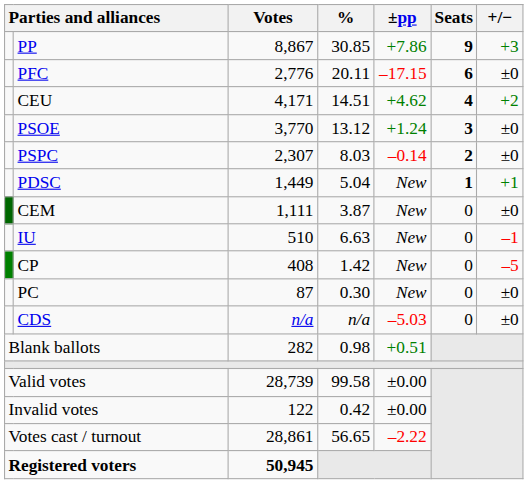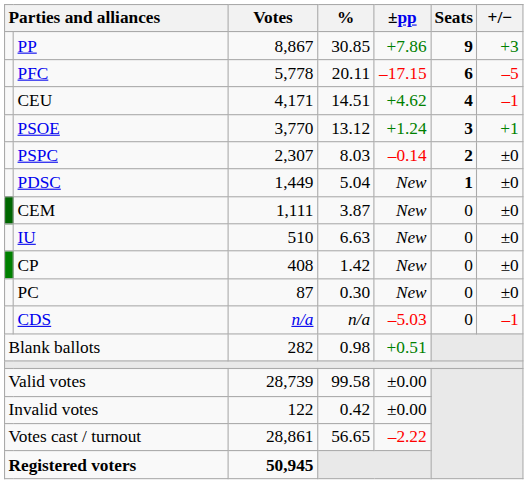 <table class="wikitable" style="text-align:right;">
 <tr>
 <th style="text-align:left;" colspan="2" width="200">Parties and alliances</th>
 <th width="75">Votes</th>
 <th width="45">%</th>
 <th width="45">±<a href='#'>pp</a></th>
 <th width="35">Seats</th>
 <th width="35">+/−</th>
 </tr>
 <tr>
 <td width="1" style="color:inherit;background:"></td>
 <td align="left"><a href='#'>PP</a></td>
 <td>8,867</td>
 <td>30.85</td>
 <td style="color:green;">+7.86</td>
 <td><strong>9</strong></td>
 <td style="color:green;">+3</td>
 </tr>
 <tr>
 <td style="color:inherit;background:"></td>
 <td align="left"><a href='#'>PFC</a></td>
-<td>2,776</td>
+<td>5,778</td>
 <td>20.11</td>
 <td style="color:red;">–17.15</td>
 <td><strong>6</strong></td>
-<td>±0</td>
+<td style="color:red;">–5</td>
 </tr>
 <tr>
 <td style="color:inherit;background:"></td>
 <td align="left">CEU</td>
 <td>4,171</td>
 <td>14.51</td>
 <td style="color:green;">+4.62</td>
 <td><strong>4</strong></td>
-<td style="color:green;">+2</td>
+<td style="color:red;">–1</td>
 </tr>
 <tr>
 <td style="color:inherit;background:"></td>
 <td align="left"><a href='#'>PSOE</a></td>
 <td>3,770</td>
 <td>13.12</td>
 <td style="color:green;">+1.24</td>
 <td><strong>3</strong></td>
-<td>±0</td>
+<td style="color:green;">+1</td>
 </tr>
 <tr>
 <td style="color:inherit;background:"></td>
 <td align="left"><a href='#'>PSPC</a></td>
 <td>2,307</td>
 <td>8.03</td>
 <td style="color:red;">–0.14</td>
 <td><strong>2</strong></td>
 <td>±0</td>
 </tr>
 <tr>
 <td style="color:inherit;background:"></td>
 <td align="left"><a href='#'>PDSC</a></td>
 <td>1,449</td>
 <td>5.04</td>
 <td><em>New</em></td>
 <td><strong>1</strong></td>
-<td style="color:green;">+1</td>
+<td>±0</td>
 </tr>
 <tr>
 <td style="color:inherit;background:#006600"></td>
 <td align="left">CEM</td>
 <td>1,111</td>
 <td>3.87</td>
 <td><em>New</em></td>
 <td>0</td>
 <td>±0</td>
 </tr>
 <tr>
 <td style="color:inherit;background:"></td>
 <td align="left"><a href='#'>IU</a></td>
 <td>510</td>
 <td>6.63</td>
 <td><em>New</em></td>
 <td>0</td>
-<td style="color:red;">–1</td>
+<td>±0</td>
 </tr>
 <tr>
 <td bgcolor="green"></td>
 <td align="left">CP</td>
 <td>408</td>
 <td>1.42</td>
 <td><em>New</em></td>
 <td>0</td>
-<td style="color:red;">–5</td>
+<td>±0</td>
 </tr>
 <tr>
 <td style="color:inherit;background:"></td>
 <td align="left">PC</td>
 <td>87</td>
 <td>0.30</td>
 <td><em>New</em></td>
 <td>0</td>
 <td>±0</td>
 </tr>
 <tr>
 <td style="color:inherit;background:"></td>
 <td align="left"><a href='#'>CDS</a></td>
 <td><em><a href='#'>n/a</a></em></td>
 <td><em>n/a</em></td>
 <td style="color:red;">–5.03</td>
 <td>0</td>
-<td>±0</td>
+<td style="color:red;">–1</td>
 </tr>
 <tr>
 <td align="left" colspan="2">Blank ballots</td>
 <td>282</td>
 <td>0.98</td>
 <td style="color:green;">+0.51</td>
 <td bgcolor="#E9E9E9" colspan="2"></td>
 </tr>
 <tr>
 <td colspan="7" bgcolor="#E9E9E9"></td>
 </tr>
 <tr>
 <td align="left" colspan="2">Valid votes</td>
 <td>28,739</td>
 <td>99.58</td>
 <td>±0.00</td>
 <td bgcolor="#E9E9E9" colspan="2" rowspan="4"></td>
 </tr>
 <tr>
 <td align="left" colspan="2">Invalid votes</td>
 <td>122</td>
 <td>0.42</td>
 <td>±0.00</td>
 </tr>
 <tr>
 <td align="left" colspan="2">Votes cast / turnout</td>
 <td>28,861</td>
 <td>56.65</td>
 <td style="color:red;">–2.22</td>
 </tr>
 <tr style="font-weight:bold;">
 <td align="left" colspan="2">Registered voters</td>
 <td>50,945</td>
 <td bgcolor="#E9E9E9" colspan="2"></td>
 </tr>
 </table>
